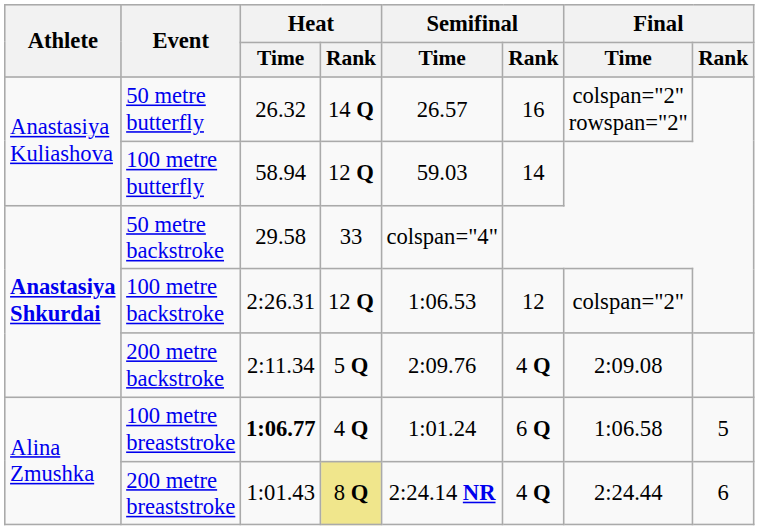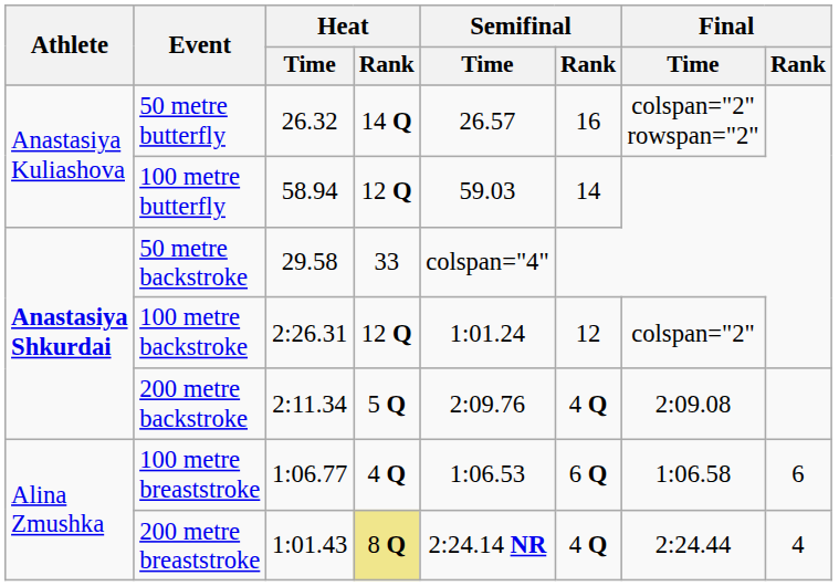 <table class="wikitable" style="text-align:center; font-size:90%; width:50%;">
 <tr>
 <th rowspan="2">Athlete</th>
 <th rowspan="2">Event</th>
 <th colspan="2">Heat</th>
 <th colspan="2">Semifinal</th>
 <th colspan="2">Final</th>
 </tr>
 <tr style="font-size:95%">
 <th>Time</th>
 <th>Rank</th>
 <th>Time</th>
 <th>Rank</th>
 <th>Time</th>
 <th>Rank</th>
 </tr>
 <tr align=center>
 <td align=left rowspan="2"><a href='#'>Anastasiya Kuliashova</a></td>
 <td align=left><a href='#'>50 metre butterfly</a></td>
 <td>26.32</td>
 <td>14 <strong>Q</strong></td>
 <td>26.57</td>
 <td>16</td>
 <td>colspan="2" rowspan="2" </td>
 </tr>
 <tr align=center>
 <td align=left><a href='#'>100 metre butterfly</a></td>
 <td>58.94</td>
 <td>12 <strong>Q</strong></td>
 <td>59.03</td>
 <td>14</td>
 </tr>
 <tr align=center>
 <td align=left rowspan="3"><strong><a href='#'>Anastasiya Shkurdai</a></strong></td>
 <td align=left><a href='#'>50 metre backstroke</a></td>
 <td>29.58</td>
 <td>33</td>
 <td>colspan="4" </td>
 </tr>
 <tr align=center>
 <td align=left><a href='#'>100 metre backstroke</a></td>
 <td>2:26.31</td>
 <td>12 <strong>Q</strong></td>
-<td>1:06.53</td>
+<td>1:01.24</td>
 <td>12</td>
 <td>colspan="2" </td>
 </tr>
 <tr align=center>
 <td align=left><a href='#'>200 metre backstroke</a></td>
 <td>2:11.34</td>
 <td>5 <strong>Q</strong></td>
 <td>2:09.76</td>
 <td>4 <strong>Q</strong></td>
 <td>2:09.08</td>
 <td></td>
 </tr>
 <tr align=center>
 <td align=left rowspan="2"><a href='#'>Alina Zmushka</a></td>
 <td align=left><a href='#'>100 metre breaststroke</a></td>
-<td><strong>1:06.77</strong></td>
+<td>1:06.77</td>
 <td>4 <strong>Q</strong></td>
-<td>1:01.24</td>
+<td>1:06.53</td>
 <td>6 <strong>Q</strong></td>
 <td>1:06.58</td>
-<td>5</td>
+<td>6</td>
 </tr>
 <tr align=center>
 <td align=left><a href='#'>200 metre breaststroke</a></td>
 <td>1:01.43</td>
 <td style="background: khaki;">8 <strong>Q</strong></td>
 <td>2:24.14 <strong><a href='#'>NR</a></strong></td>
 <td>4 <strong>Q</strong></td>
 <td>2:24.44</td>
-<td>6</td>
+<td>4</td>
 </tr>
 </table>
